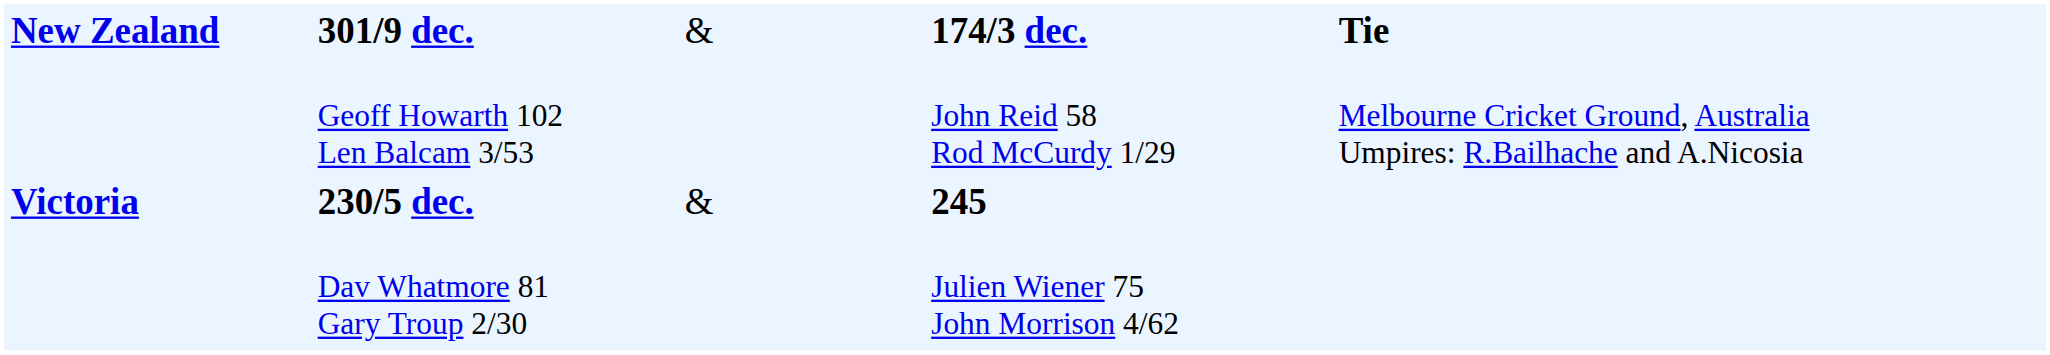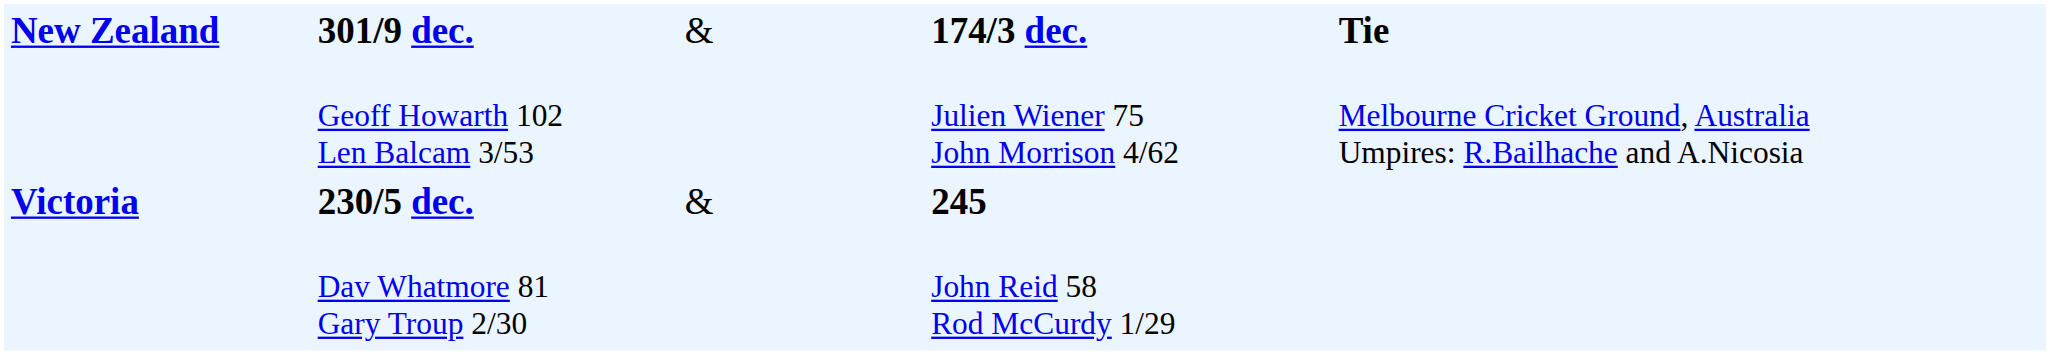 <table width="100%" style="background: #EBF5FF">
 <tr>
 <td width="15%" valign="top" rowspan="2"><strong><a href='#'>New Zealand</a></strong></td>
 <td width="18%"><strong>301/9 <a href='#'>dec.</a></strong></td>
 <td width="12%">&</td>
 <td width="20%"><strong>174/3 <a href='#'>dec.</a></strong></td>
 <td width="35%"><strong>Tie</strong></td>
 </tr>
 <tr>
 <td style="font-size: 85%;" valign="top"><br><a href='#'>Geoff Howarth</a> 102<br> <a href='#'>Len Balcam</a> 3/53</td>
 <td></td>
-<td style="font-size: 85%;"><br><a href='#'>John Reid</a> 58<br> <a href='#'>Rod McCurdy</a> 1/29</td>
+<td valign="top" style="font-size: 85%;"><br><a href='#'>Julien Wiener</a> 75<br> <a href='#'>John Morrison</a> 4/62</td>
 <td valign="top" style="font-size: 85%;" rowspan="3"><br><a href='#'>Melbourne Cricket Ground</a>, <a href='#'>Australia</a><br> Umpires: <a href='#'>R.Bailhache</a> and A.Nicosia</td>
 </tr>
 <tr>
 <td valign="top" rowspan="2"><strong><a href='#'>Victoria</a></strong></td>
 <td><strong>230/5 <a href='#'>dec.</a></strong></td>
 <td>&</td>
 <td><strong>245</strong></td>
 </tr>
 <tr>
 <td style="font-size: 85%;"><br><a href='#'>Dav Whatmore</a> 81<br> <a href='#'>Gary Troup</a> 2/30</td>
 <td></td>
-<td valign="top" style="font-size: 85%;"><br><a href='#'>Julien Wiener</a> 75<br> <a href='#'>John Morrison</a> 4/62</td>
+<td style="font-size: 85%;"><br><a href='#'>John Reid</a> 58<br> <a href='#'>Rod McCurdy</a> 1/29</td>
 </tr>
 </table>
